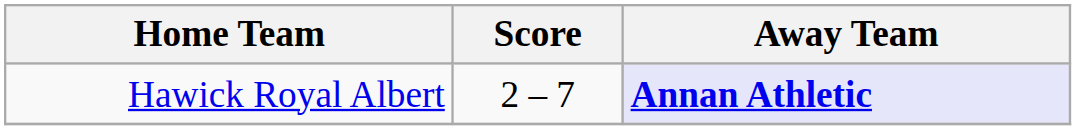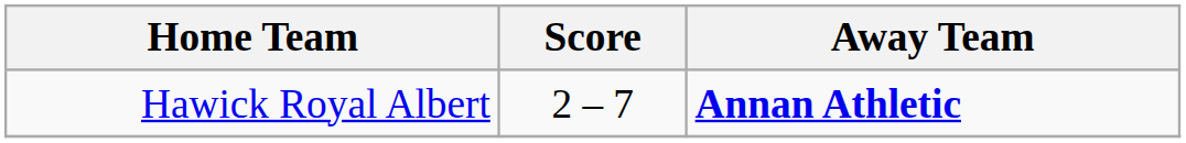 <table class="wikitable" style="border-collapse: collapse;">
 <tr>
 <th align="right" width="185">Home Team</th>
 <th align="center" width="65"> Score </th>
 <th align="left" width="185">Away Team</th>
 </tr>
 <tr>
 <td style="text-align: right;"><a href='#'>Hawick Royal Albert</a></td>
 <td style="text-align: center;">2 – 7</td>
-<td style="background: lavender; text-align: left;"><strong><a href='#'>Annan Athletic</a></strong></td>
+<td style="text-align: left;"><strong><a href='#'>Annan Athletic</a></strong></td>
 </tr>
 <tr>
 </tr>
 </table>
